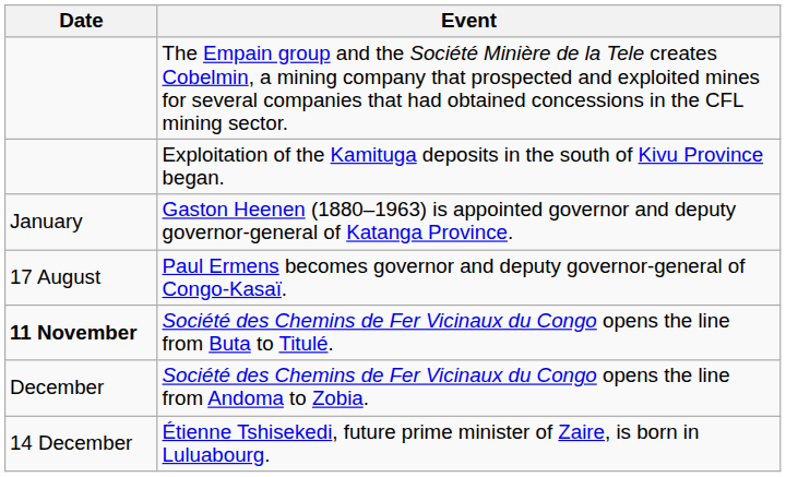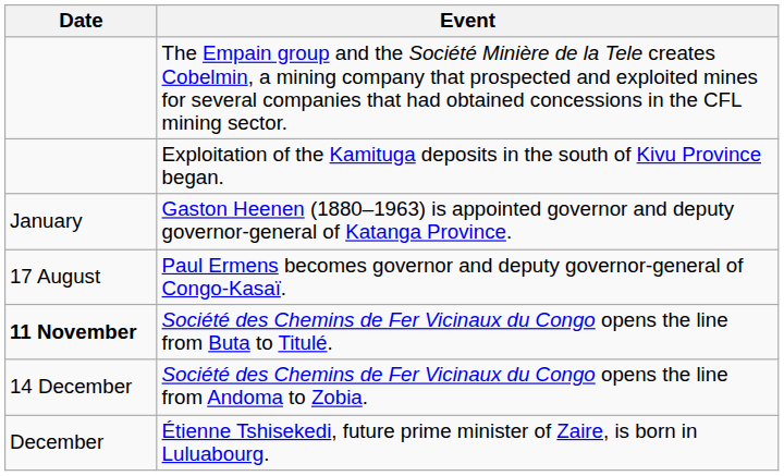 <table class=wikitable>
 <tr>
 <th style="width:7em">Date</th>
 <th>Event</th>
 </tr>
 <tr>
 <td></td>
 <td>The <a href='#'>Empain group</a> and the <em>Société Minière de la Tele</em> creates <a href='#'>Cobelmin</a>, a mining company that prospected and exploited mines for several companies that had obtained concessions in the CFL mining sector.</td>
 </tr>
 <tr>
 <td></td>
 <td>Exploitation of the <a href='#'>Kamituga</a> deposits in the south of <a href='#'>Kivu Province</a> began.</td>
 </tr>
 <tr>
 <td>January</td>
 <td><a href='#'>Gaston Heenen</a> (1880–1963) is appointed governor and deputy governor-general of <a href='#'>Katanga Province</a>.</td>
 </tr>
 <tr>
 <td>17 August</td>
 <td><a href='#'>Paul Ermens</a> becomes governor and deputy governor-general of <a href='#'>Congo-Kasaï</a>.</td>
 </tr>
 <tr>
 <td><strong>11 November</strong></td>
 <td><em><a href='#'>Société des Chemins de Fer Vicinaux du Congo</a></em> opens the line from  <a href='#'>Buta</a> to <a href='#'>Titulé</a>.</td>
 </tr>
 <tr>
-<td>December</td>
+<td>14 December</td>
 <td><em><a href='#'>Société des Chemins de Fer Vicinaux du Congo</a></em> opens the line from  <a href='#'>Andoma</a> to <a href='#'>Zobia</a>.</td>
 </tr>
 <tr>
-<td>14 December</td>
+<td>December</td>
 <td><a href='#'>Étienne Tshisekedi</a>, future prime minister of <a href='#'>Zaire</a>, is born in <a href='#'>Luluabourg</a>.</td>
 </tr>
 </table>
